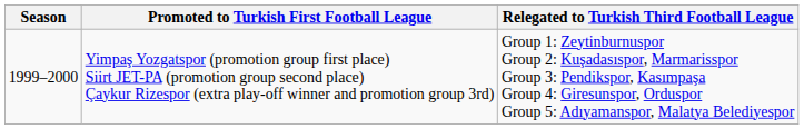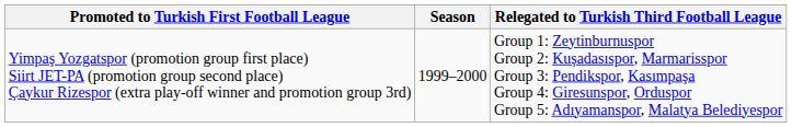 <table class="wikitable">
 <tr>
+<th>Promoted to <a href='#'>Turkish First Football League</a></th>
 <th>Season</th>
-<th>Promoted to <a href='#'>Turkish First Football League</a></th>
 <th>Relegated to <a href='#'>Turkish Third Football League</a></th>
 </tr>
 <tr>
+<td><a href='#'>Yimpaş Yozgatspor</a> (promotion group first place)<br><a href='#'>Siirt JET-PA</a> (promotion group second place)<br><a href='#'>Çaykur Rizespor</a> (extra play-off winner and promotion group 3rd)</td>
 <td>1999–2000</td>
-<td><a href='#'>Yimpaş Yozgatspor</a> (promotion group first place)<br><a href='#'>Siirt JET-PA</a> (promotion group second place)<br><a href='#'>Çaykur Rizespor</a> (extra play-off winner and promotion group 3rd)</td>
 <td>Group 1: <a href='#'>Zeytinburnuspor</a><br>Group 2: <a href='#'>Kuşadasıspor</a>, <a href='#'>Marmarisspor</a><br>Group 3: <a href='#'>Pendikspor</a>, <a href='#'>Kasımpaşa</a><br>Group 4: <a href='#'>Giresunspor</a>, <a href='#'>Orduspor</a><br>Group 5: <a href='#'>Adıyamanspor</a>, <a href='#'>Malatya Belediyespor</a></td>
 </tr>
 </table>
